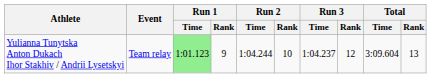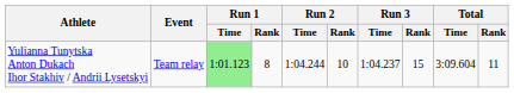 <table class="wikitable" style="font-size:90%">
 <tr>
 <th rowspan="2">Athlete</th>
 <th rowspan="2">Event</th>
 <th colspan=2>Run 1</th>
 <th colspan=2>Run 2</th>
 <th colspan=2>Run 3</th>
 <th colspan=2>Total</th>
 </tr>
 <tr style="font-size:95%">
 <th>Time</th>
 <th>Rank</th>
 <th>Time</th>
 <th>Rank</th>
 <th>Time</th>
 <th>Rank</th>
 <th>Time</th>
 <th>Rank</th>
 </tr>
 <tr align=center>
 <td align=left><a href='#'>Yulianna Tunytska</a><br><a href='#'>Anton Dukach</a><br><a href='#'>Ihor Stakhiv</a> / <a href='#'>Andrii Lysetskyi</a></td>
 <td align=left><a href='#'>Team relay</a></td>
 <td style="background: lightgreen;">1:01.123</td>
-<td>9</td>
+<td>8</td>
 <td>1:04.244</td>
 <td>10</td>
 <td>1:04.237</td>
-<td>12</td>
+<td>15</td>
 <td>3:09.604</td>
-<td>13</td>
+<td>11</td>
 </tr>
 </table>
